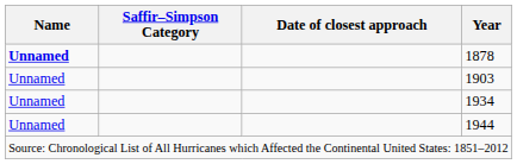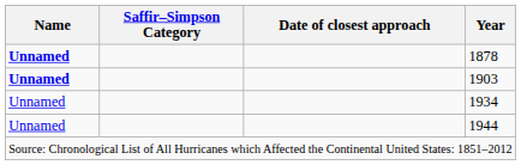 <table class = "wikitable" style="margin:1em auto;">
 <tr>
 <th>Name</th>
 <th><a href='#'>Saffir–Simpson</a><br>Category</th>
 <th>Date of closest approach</th>
 <th>Year</th>
 </tr>
 <tr>
 <td><strong><a href='#'>Unnamed</a></strong></td>
 <td></td>
 <td></td>
 <td>1878</td>
 </tr>
 <tr>
-<td><a href='#'>Unnamed</a></td>
+<td><strong><a href='#'>Unnamed</a></strong></td>
 <td></td>
 <td></td>
 <td>1903</td>
 </tr>
 <tr>
 <td><a href='#'>Unnamed</a></td>
 <td></td>
 <td></td>
 <td>1934</td>
 </tr>
 <tr>
 <td><a href='#'>Unnamed</a></td>
 <td></td>
 <td></td>
 <td>1944</td>
 </tr>
 <tr>
 <td colspan="9"><small>Source: Chronological List of All Hurricanes which Affected the Continental United States: 1851–2012</small></td>
 </tr>
 </table>
